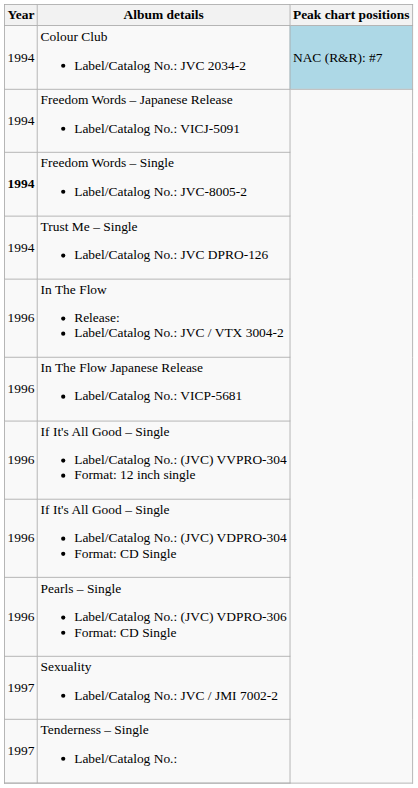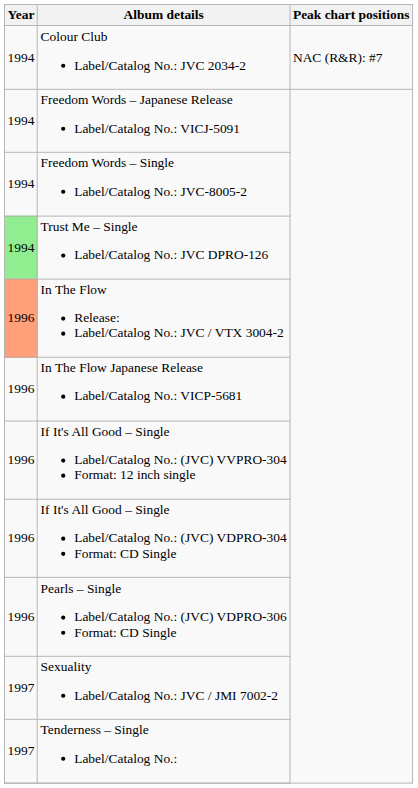 <table class="wikitable">
 <tr>
 <th><strong>Year</strong></th>
 <th><strong>Album details</strong></th>
 <th><strong>Peak chart positions</strong></th>
 </tr>
 <tr>
 <td>1994</td>
 <td>Colour Club<br><ul><li>Label/Catalog No.: JVC 2034-2</li></ul></td>
-<td style="background: lightblue;">NAC (R&R): #7</td>
+<td>NAC (R&R): #7</td>
 </tr>
 <tr>
 <td>1994</td>
 <td>Freedom Words – Japanese Release<br><ul><li>Label/Catalog No.: VICJ-5091</li></ul></td>
 </tr>
 <tr>
-<td><strong>1994</strong></td>
+<td>1994</td>
 <td>Freedom Words – Single<br><ul><li>Label/Catalog No.: JVC-8005-2</li></ul></td>
 </tr>
 <tr>
-<td>1994</td>
+<td style="background: lightgreen;">1994</td>
 <td>Trust Me – Single<br><ul><li>Label/Catalog No.: JVC DPRO-126</li></ul></td>
 </tr>
 <tr>
-<td>1996</td>
+<td style="background: lightsalmon;">1996</td>
 <td>In The Flow<br><ul><li>Release:</li><li>Label/Catalog No.: JVC / VTX 3004-2</li></ul></td>
 </tr>
 <tr>
 <td>1996</td>
 <td>In The Flow Japanese Release<br><ul><li>Label/Catalog No.: VICP-5681</li></ul></td>
 </tr>
 <tr>
 <td>1996</td>
 <td>If It's All Good – Single <br><ul><li>Label/Catalog No.: (JVC) VVPRO-304</li><li>Format: 12 inch single</li></ul></td>
 </tr>
 <tr>
 <td>1996</td>
 <td>If It's All Good – Single<br><ul><li>Label/Catalog No.: (JVC) VDPRO-304</li><li>Format: CD Single</li></ul></td>
 </tr>
 <tr>
 <td>1996</td>
 <td>Pearls – Single<br><ul><li>Label/Catalog No.: (JVC) VDPRO-306</li><li>Format: CD Single</li></ul></td>
 </tr>
 <tr>
 <td>1997</td>
 <td>Sexuality<br><ul><li>Label/Catalog No.: JVC / JMI 7002-2</li></ul></td>
 </tr>
 <tr>
 <td>1997</td>
 <td>Tenderness – Single<br><ul><li>Label/Catalog No.:</li></ul></td>
 </tr>
 <tr>
 </tr>
 </table>
